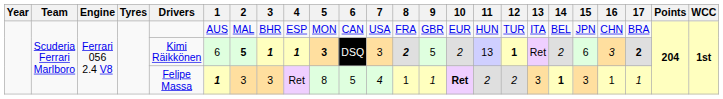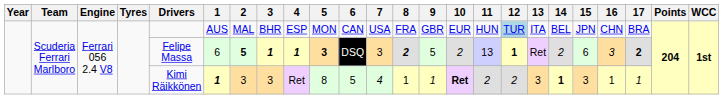 <table class="wikitable" style="text-align:center; font-size:95%">
 <tr>
 <th>Year</th>
 <th>Team</th>
 <th>Engine</th>
 <th>Tyres</th>
 <th>Drivers</th>
 <th>1</th>
 <th>2</th>
 <th>3</th>
 <th>4</th>
 <th>5</th>
 <th>6</th>
 <th>7</th>
 <th>8</th>
 <th>9</th>
 <th>10</th>
 <th>11</th>
 <th>12</th>
 <th>13</th>
 <th>14</th>
 <th>15</th>
 <th>16</th>
 <th>17</th>
 <th>Points</th>
 <th>WCC</th>
 </tr>
 <tr>
 <td rowspan="3"></td>
 <td rowspan="3"><a href='#'>Scuderia Ferrari Marlboro</a></td>
 <td rowspan="3"><a href='#'>Ferrari</a> 056 2.4 <a href='#'>V8</a></td>
 <td rowspan="3"></td>
 <td></td>
 <td><a href='#'>AUS</a></td>
 <td><a href='#'>MAL</a></td>
 <td><a href='#'>BHR</a></td>
 <td><a href='#'>ESP</a></td>
 <td><a href='#'>MON</a></td>
 <td><a href='#'>CAN</a></td>
 <td><a href='#'>USA</a></td>
 <td><a href='#'>FRA</a></td>
 <td><a href='#'>GBR</a></td>
 <td><a href='#'>EUR</a></td>
 <td><a href='#'>HUN</a></td>
-<td><a href='#'>TUR</a></td>
+<td style="background: lightblue;"><a href='#'>TUR</a></td>
 <td><a href='#'>ITA</a></td>
 <td><a href='#'>BEL</a></td>
 <td><a href='#'>JPN</a></td>
 <td><a href='#'>CHN</a></td>
 <td><a href='#'>BRA</a></td>
 <td rowspan="3" style="background-color:#FFFFBF"><strong>204</strong></td>
 <td rowspan="3" style="background-color:#FFFFBF"><strong>1st</strong></td>
 </tr>
 <tr>
-<td> <a href='#'>Kimi Räikkönen</a></td>
+<td> <a href='#'>Felipe Massa</a></td>
 <td style="background-color:#DFFFDF">6</td>
 <td style="background-color:#DFFFDF"><strong>5</strong></td>
 <td style="background-color:#FFFFBF"><strong><em>1</em></strong></td>
 <td style="background-color:#FFFFBF"><strong><em>1</em></strong></td>
 <td style="background-color:#FFDF9F"><strong>3</strong></td>
 <td style="background-color:#000000; color:white">DSQ</td>
 <td style="background-color:#FFDF9F">3</td>
 <td style="background-color:#DFDFDF"><strong><em>2</em></strong></td>
 <td style="background-color:#DFFFDF">5</td>
 <td style="background-color:#DFDFDF"><em>2</em></td>
 <td style="background-color:#CFCFFF">13</td>
 <td style="background-color:#FFFFBF"><strong>1</strong></td>
 <td style="background-color:#efcfff">Ret</td>
 <td style="background-color:#DFDFDF"><em>2</em></td>
 <td style="background-color:#DFFFDF">6</td>
 <td style="background-color:#FFDF9F"><em>3</em></td>
 <td style="background-color:#DFDFDF"><strong>2</strong></td>
 </tr>
 <tr>
-<td> <a href='#'>Felipe Massa</a></td>
+<td> <a href='#'>Kimi Räikkönen</a></td>
 <td style="background-color:#FFFFBF"><strong><em>1</em></strong></td>
 <td style="background-color:#FFDF9F">3</td>
 <td style="background-color:#FFDF9F">3</td>
 <td style="background-color:#efcfff">Ret</td>
 <td style="background-color:#DFFFDF">8</td>
 <td style="background-color:#DFFFDF">5</td>
 <td style="background-color:#DFFFDF"><em>4</em></td>
 <td style="background-color:#FFFFBF">1</td>
 <td style="background-color:#FFFFBF"><em>1</em></td>
 <td style="background-color:#efcfff"><strong>Ret</strong></td>
 <td style="background-color:#DFDFDF"><em>2</em></td>
 <td style="background-color:#DFDFDF"><em>2</em></td>
 <td style="background-color:#FFDF9F">3</td>
 <td style="background-color:#FFFFBF"><strong>1</strong></td>
 <td style="background-color:#FFDF9F">3</td>
 <td style="background-color:#FFFFBF">1</td>
 <td style="background-color:#FFFFBF"><em>1</em></td>
 </tr>
 </table>
